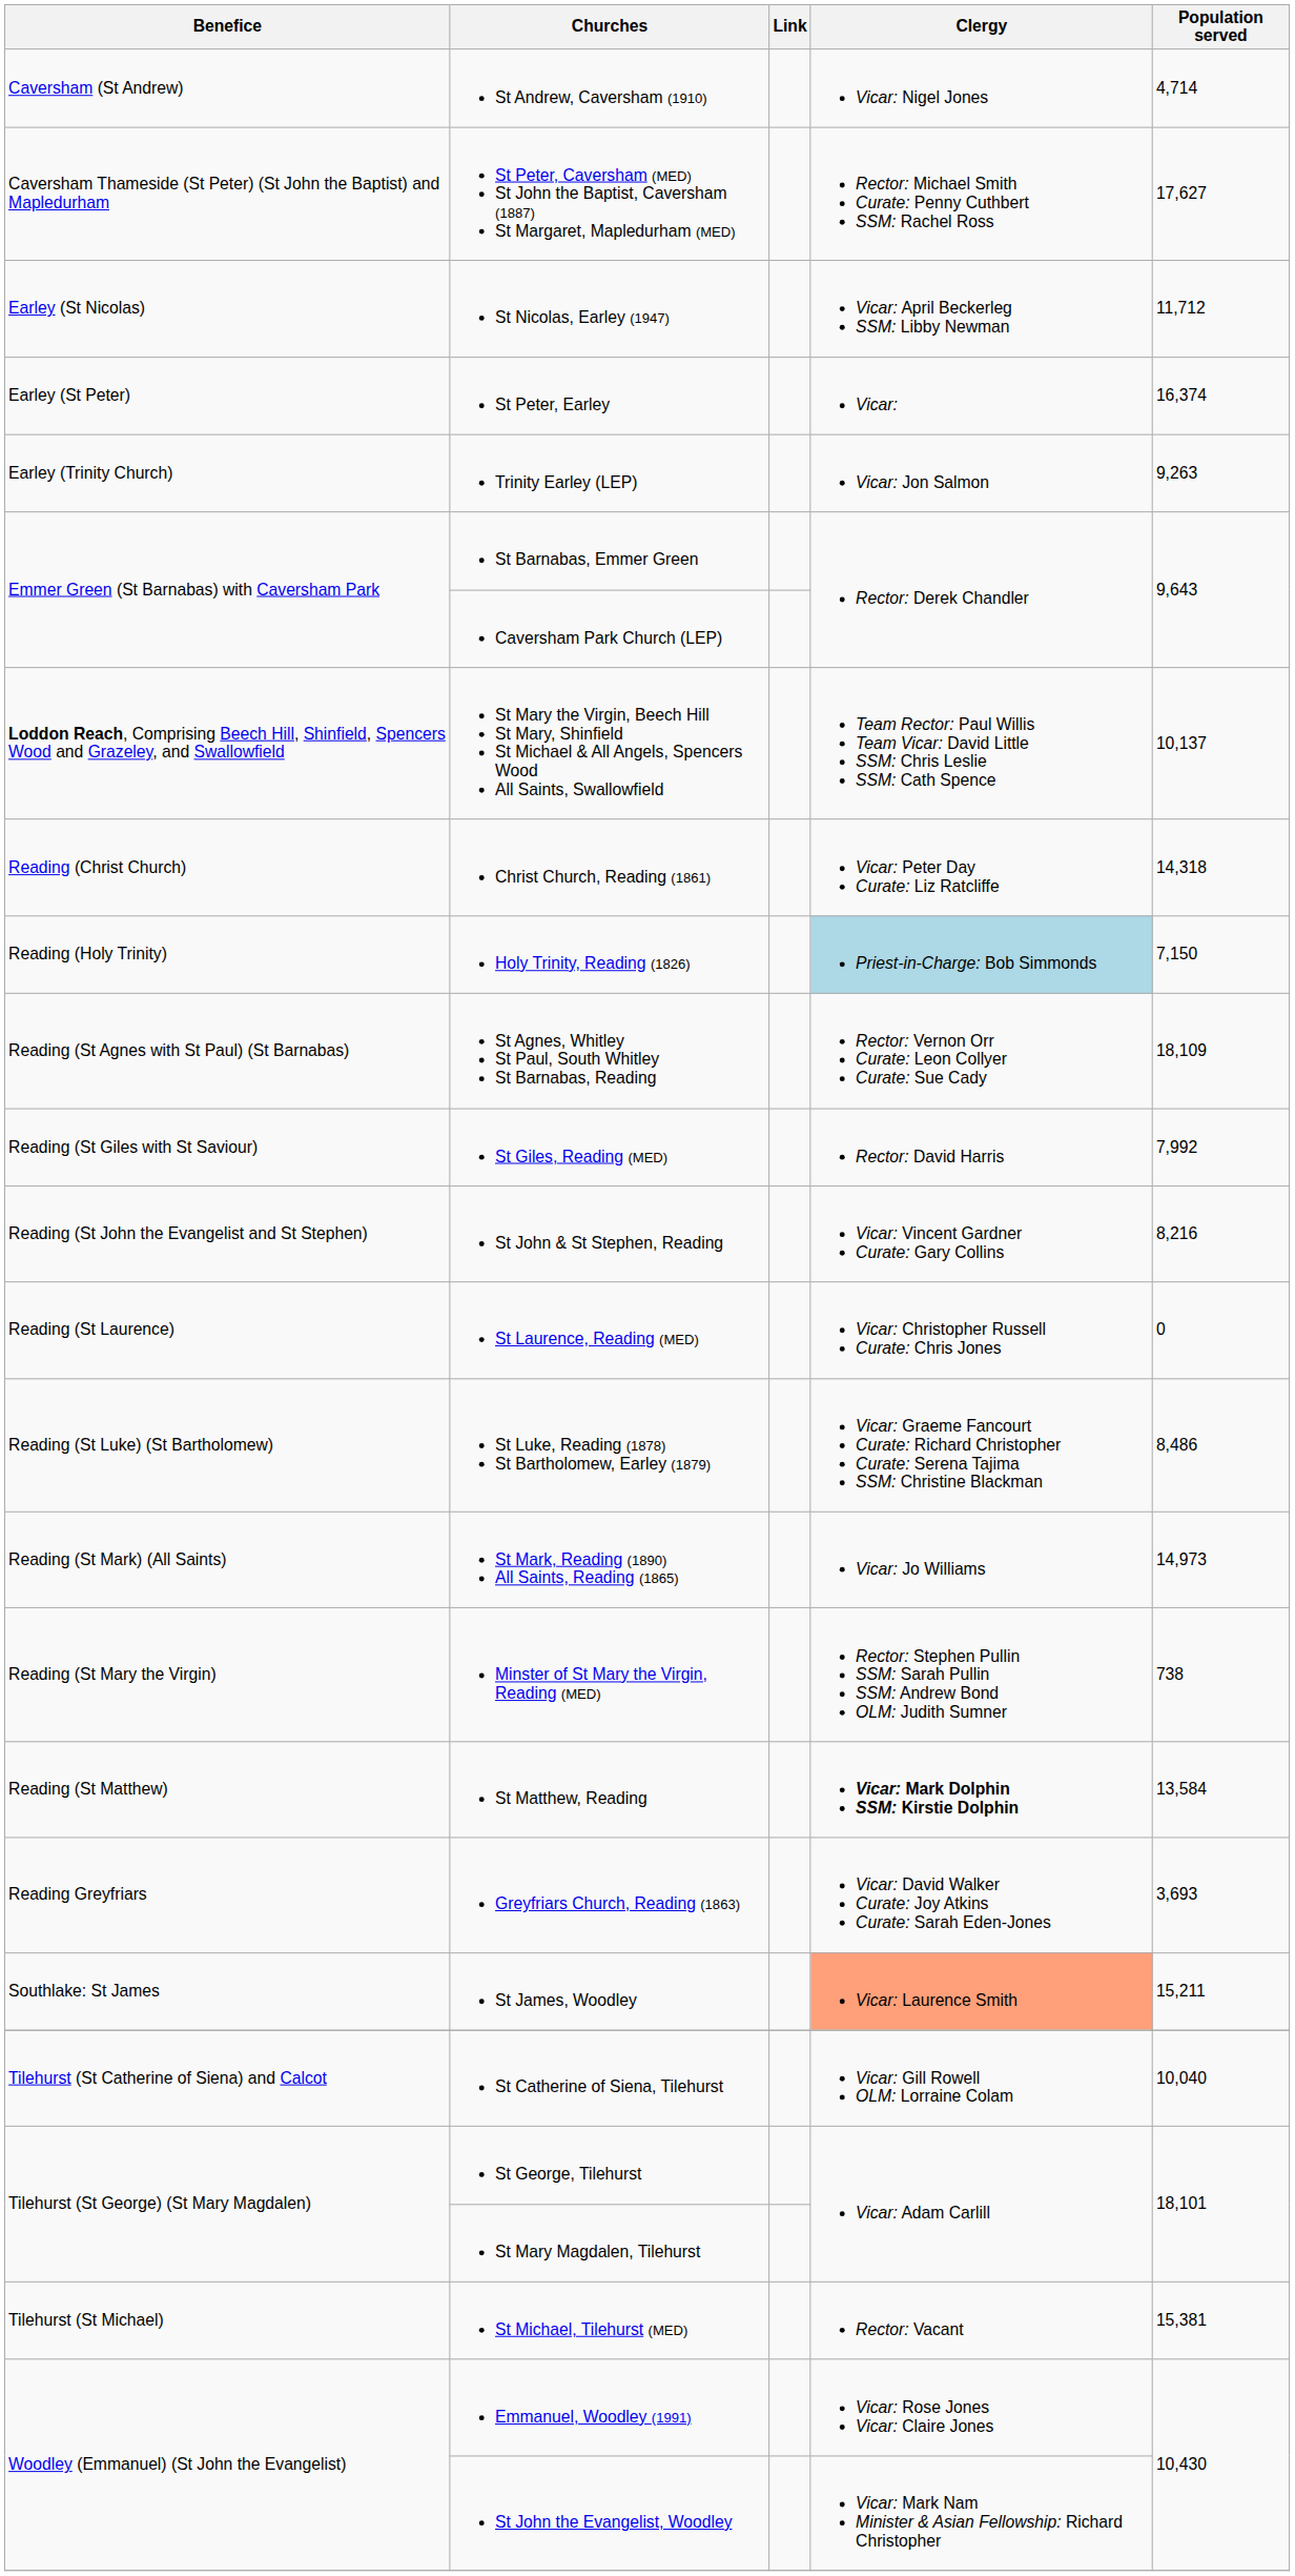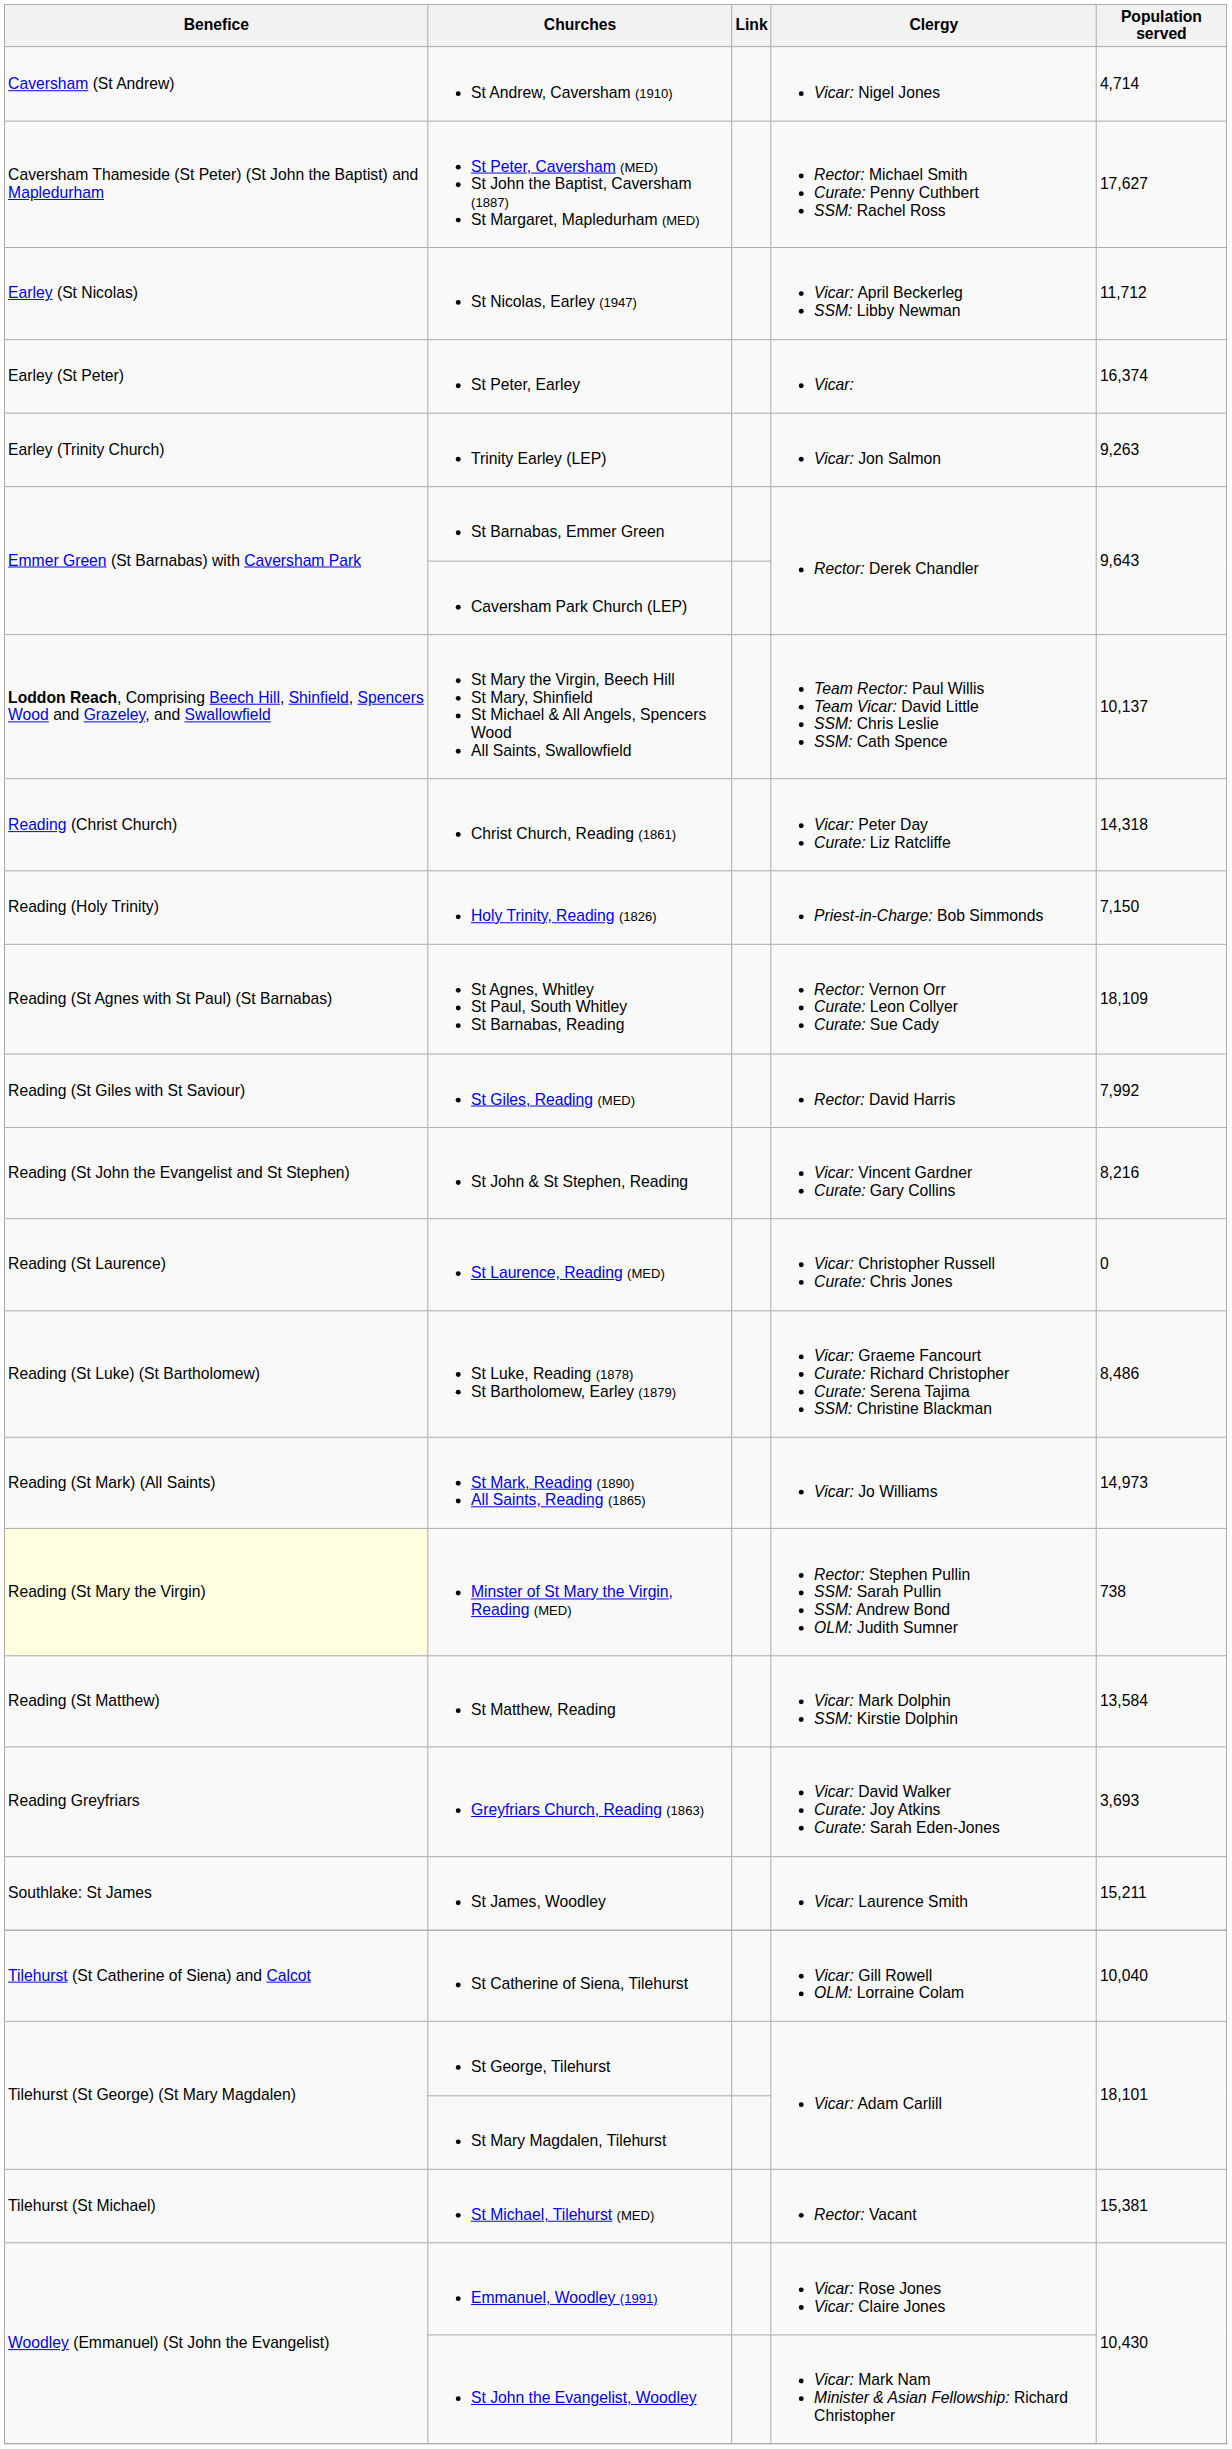 <table class="wikitable">
 <tr>
 <th width="425">Benefice</th>
 <th>Churches</th>
 <th>Link</th>
 <th>Clergy</th>
 <th>Population served</th>
 </tr>
 <tr>
 <td><a href='#'>Caversham</a> (St Andrew)</td>
 <td><br><ul><li>St Andrew, Caversham <small>(1910)</small></li></ul></td>
 <td></td>
 <td><br><ul><li><em>Vicar:</em> Nigel Jones</li></ul></td>
 <td>4,714</td>
 </tr>
 <tr>
 <td>Caversham Thameside (St Peter) (St John the Baptist) and <a href='#'>Mapledurham</a></td>
 <td><br><ul><li><a href='#'>St Peter, Caversham</a> <small>(MED)</small></li><li>St John the Baptist, Caversham <small>(1887)</small></li><li>St Margaret, Mapledurham <small>(MED)</small></li></ul></td>
 <td></td>
 <td><br><ul><li><em>Rector:</em> Michael Smith</li><li><em>Curate:</em> Penny Cuthbert</li><li><em>SSM:</em> Rachel Ross</li></ul></td>
 <td>17,627</td>
 </tr>
 <tr>
 <td><a href='#'>Earley</a> (St Nicolas)</td>
 <td><br><ul><li>St Nicolas, Earley <small>(1947)</small></li></ul></td>
 <td></td>
 <td><br><ul><li><em>Vicar:</em> April Beckerleg</li><li><em>SSM:</em> Libby Newman</li></ul></td>
 <td>11,712</td>
 </tr>
 <tr>
 <td>Earley (St Peter)</td>
 <td><br><ul><li>St Peter, Earley</li></ul></td>
 <td></td>
 <td><br><ul><li><em>Vicar:</em></li></ul></td>
 <td>16,374</td>
 </tr>
 <tr>
 <td>Earley (Trinity Church)</td>
 <td><br><ul><li>Trinity Earley (LEP)</li></ul></td>
 <td></td>
 <td><br><ul><li><em>Vicar:</em> Jon Salmon</li></ul></td>
 <td>9,263</td>
 </tr>
 <tr>
 <td rowspan="2"><a href='#'>Emmer Green</a> (St Barnabas) with <a href='#'>Caversham Park</a></td>
 <td><br><ul><li>St Barnabas, Emmer Green</li></ul></td>
 <td></td>
 <td rowspan="2"><br><ul><li><em>Rector:</em> Derek Chandler</li></ul></td>
 <td rowspan="2">9,643</td>
 </tr>
 <tr>
 <td><br><ul><li>Caversham Park Church (LEP)</li></ul></td>
 <td></td>
 </tr>
 <tr>
 <td><strong>Loddon Reach</strong>, Comprising <a href='#'>Beech Hill</a>, <a href='#'>Shinfield</a>, <a href='#'>Spencers Wood</a> and <a href='#'>Grazeley</a>, and <a href='#'>Swallowfield</a></td>
 <td><br><ul><li>St Mary the Virgin, Beech Hill</li><li>St Mary, Shinfield</li><li>St Michael & All Angels, Spencers Wood</li><li>All Saints, Swallowfield</li></ul></td>
 <td></td>
 <td><br><ul><li><em>Team Rector:</em> Paul Willis</li><li><em>Team Vicar:</em> David Little</li><li><em>SSM:</em> Chris Leslie</li><li><em>SSM:</em> Cath Spence</li></ul></td>
 <td>10,137</td>
 </tr>
 <tr>
 <td><a href='#'>Reading</a> (Christ Church)</td>
 <td><br><ul><li>Christ Church, Reading <small>(1861)</small></li></ul></td>
 <td></td>
 <td><br><ul><li><em>Vicar:</em> Peter Day</li><li><em>Curate:</em> Liz Ratcliffe</li></ul></td>
 <td>14,318</td>
 </tr>
 <tr>
 <td>Reading (Holy Trinity)</td>
 <td><br><ul><li><a href='#'>Holy Trinity, Reading</a> <small>(1826)</small></li></ul></td>
 <td></td>
-<td style="background: lightblue;"><br><ul><li><em>Priest-in-Charge:</em> Bob Simmonds</li></ul></td>
+<td><br><ul><li><em>Priest-in-Charge:</em> Bob Simmonds</li></ul></td>
 <td>7,150</td>
 </tr>
 <tr>
 <td>Reading (St Agnes with St Paul) (St Barnabas)</td>
 <td><br><ul><li>St Agnes, Whitley</li><li>St Paul, South Whitley</li><li>St Barnabas, Reading</li></ul></td>
 <td></td>
 <td><br><ul><li><em>Rector:</em> Vernon Orr</li><li><em>Curate:</em> Leon Collyer</li><li><em>Curate:</em> Sue Cady</li></ul></td>
 <td>18,109</td>
 </tr>
 <tr>
 <td>Reading (St Giles with St Saviour)</td>
 <td><br><ul><li><a href='#'>St Giles, Reading</a> <small>(MED)</small></li></ul></td>
 <td></td>
 <td><br><ul><li><em>Rector:</em> David Harris</li></ul></td>
 <td>7,992</td>
 </tr>
 <tr>
 <td>Reading (St John the Evangelist and St Stephen)</td>
 <td><br><ul><li>St John & St Stephen, Reading</li></ul></td>
 <td></td>
 <td><br><ul><li><em>Vicar:</em> Vincent Gardner</li><li><em>Curate:</em> Gary Collins</li></ul></td>
 <td>8,216</td>
 </tr>
 <tr>
 <td>Reading (St Laurence)</td>
 <td><br><ul><li><a href='#'>St Laurence, Reading</a> <small>(MED)</small></li></ul></td>
 <td></td>
 <td><br><ul><li><em>Vicar:</em> Christopher Russell</li><li><em>Curate:</em> Chris Jones</li></ul></td>
 <td>0</td>
 </tr>
 <tr>
 <td>Reading (St Luke) (St Bartholomew)</td>
 <td><br><ul><li>St Luke, Reading <small>(1878)</small></li><li>St Bartholomew, Earley <small>(1879)</small></li></ul></td>
 <td></td>
 <td><br><ul><li><em>Vicar:</em> Graeme Fancourt</li><li><em>Curate:</em> Richard Christopher</li><li><em>Curate:</em> Serena Tajima</li><li><em>SSM:</em> Christine Blackman</li></ul></td>
 <td>8,486</td>
 </tr>
 <tr>
 <td>Reading (St Mark) (All Saints)</td>
 <td><br><ul><li><a href='#'>St Mark, Reading</a> <small>(1890)</small></li><li><a href='#'>All Saints, Reading</a> <small>(1865)</small></li></ul></td>
 <td></td>
 <td><br><ul><li><em>Vicar:</em> Jo Williams</li></ul></td>
 <td>14,973</td>
 </tr>
 <tr>
-<td>Reading (St Mary the Virgin)</td>
+<td style="background: lightyellow;">Reading (St Mary the Virgin)</td>
 <td><br><ul><li><a href='#'>Minster of St Mary the Virgin, Reading</a> <small>(MED)</small></li></ul></td>
 <td></td>
 <td><br><ul><li><em>Rector:</em> Stephen Pullin</li><li><em>SSM:</em> Sarah Pullin</li><li><em>SSM:</em> Andrew Bond</li><li><em>OLM:</em> Judith Sumner</li></ul></td>
 <td>738</td>
 </tr>
 <tr>
 <td>Reading (St Matthew)</td>
 <td><br><ul><li>St Matthew, Reading</li></ul></td>
 <td></td>
-<td><strong><br><ul><li><em>Vicar:</em> Mark Dolphin</li><li><em>SSM:</em> Kirstie Dolphin</li></ul></strong></td>
+<td><br><ul><li><em>Vicar:</em> Mark Dolphin</li><li><em>SSM:</em> Kirstie Dolphin</li></ul></td>
 <td>13,584</td>
 </tr>
 <tr>
 <td>Reading Greyfriars</td>
 <td><br><ul><li><a href='#'>Greyfriars Church, Reading</a> <small>(1863)</small></li></ul></td>
 <td></td>
 <td><br><ul><li><em>Vicar:</em> David Walker</li><li><em>Curate:</em> Joy Atkins</li><li><em>Curate:</em> Sarah Eden-Jones</li></ul></td>
 <td>3,693</td>
 </tr>
 <tr>
 <td>Southlake: St James</td>
 <td><br><ul><li>St James, Woodley</li></ul></td>
 <td></td>
-<td style="background: lightsalmon;"><br><ul><li><em>Vicar:</em> Laurence Smith</li></ul></td>
+<td><br><ul><li><em>Vicar:</em> Laurence Smith</li></ul></td>
 <td>15,211</td>
 </tr>
 <tr>
 </tr>
 <tr>
 <td><a href='#'>Tilehurst</a> (St Catherine of Siena) and <a href='#'>Calcot</a></td>
 <td><br><ul><li>St Catherine of Siena, Tilehurst</li></ul></td>
 <td></td>
 <td><br><ul><li><em>Vicar:</em> Gill Rowell</li><li><em>OLM:</em> Lorraine Colam</li></ul></td>
 <td>10,040</td>
 </tr>
 <tr>
 <td rowspan="2">Tilehurst (St George) (St Mary Magdalen)</td>
 <td><br><ul><li>St George, Tilehurst</li></ul></td>
 <td></td>
 <td rowspan="2"><br><ul><li><em>Vicar:</em> Adam Carlill</li></ul></td>
 <td rowspan="2">18,101</td>
 </tr>
 <tr>
 <td><br><ul><li>St Mary Magdalen, Tilehurst</li></ul></td>
 <td></td>
 </tr>
 <tr>
 <td>Tilehurst (St Michael)</td>
 <td><br><ul><li><a href='#'>St Michael, Tilehurst</a> <small>(MED)</small></li></ul></td>
 <td></td>
 <td><br><ul><li><em>Rector:</em> Vacant</li></ul></td>
 <td>15,381</td>
 </tr>
 <tr>
 <td rowspan="2"><a href='#'>Woodley</a> (Emmanuel) (St John the Evangelist)</td>
 <td><br><ul><li><a href='#'>Emmanuel, Woodley <small>(1991)</small></a></li></ul></td>
 <td></td>
 <td><br><ul><li><em>Vicar:</em> Rose Jones</li><li><em>Vicar:</em> Claire Jones</li></ul></td>
 <td rowspan="2">10,430</td>
 </tr>
 <tr>
 <td><br><ul><li><a href='#'>St John the Evangelist, Woodley</a></li></ul></td>
 <td></td>
 <td><br><ul><li><em>Vicar:</em> Mark Nam</li><li><em>Minister & Asian Fellowship:</em> Richard Christopher</li></ul></td>
 </tr>
 <tr>
 </tr>
 </table>
